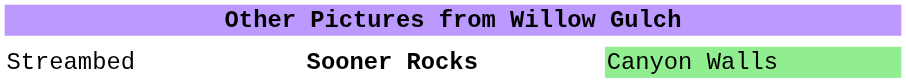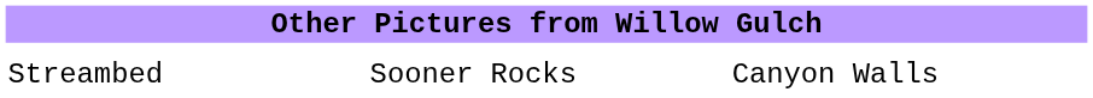 <table>
 <tr style ="background-color:#b9f; ">
 <td style="text-align: center;" colspan =9><strong>Other Pictures from Willow Gulch</strong></td>
 </tr>
 <tr>
 <td width = 160px></td>
 <td width = 160px></td>
 <td width = 160px></td>
 </tr>
 <tr style ="vertical-align:top; ">
 <td>Streambed</td>
-<td><strong>Sooner Rocks</strong></td>
-<td style="background: lightgreen;">Canyon Walls</td>
+<td>Sooner Rocks</td>
+<td>Canyon Walls</td>
 </tr>
 </table>
